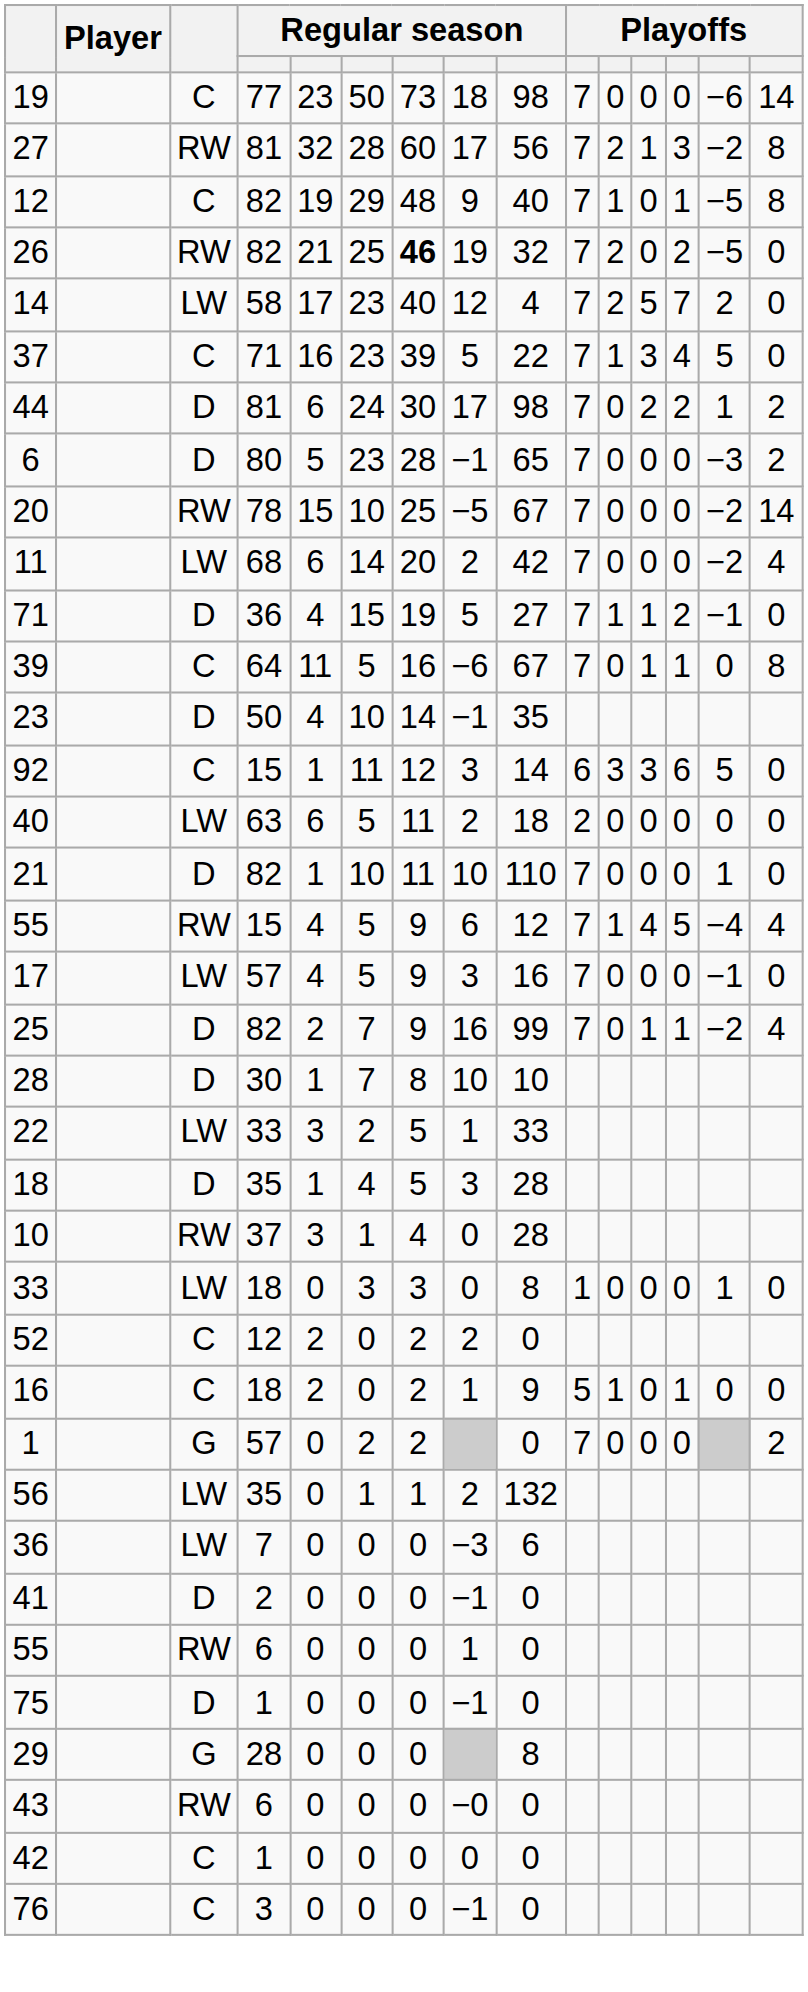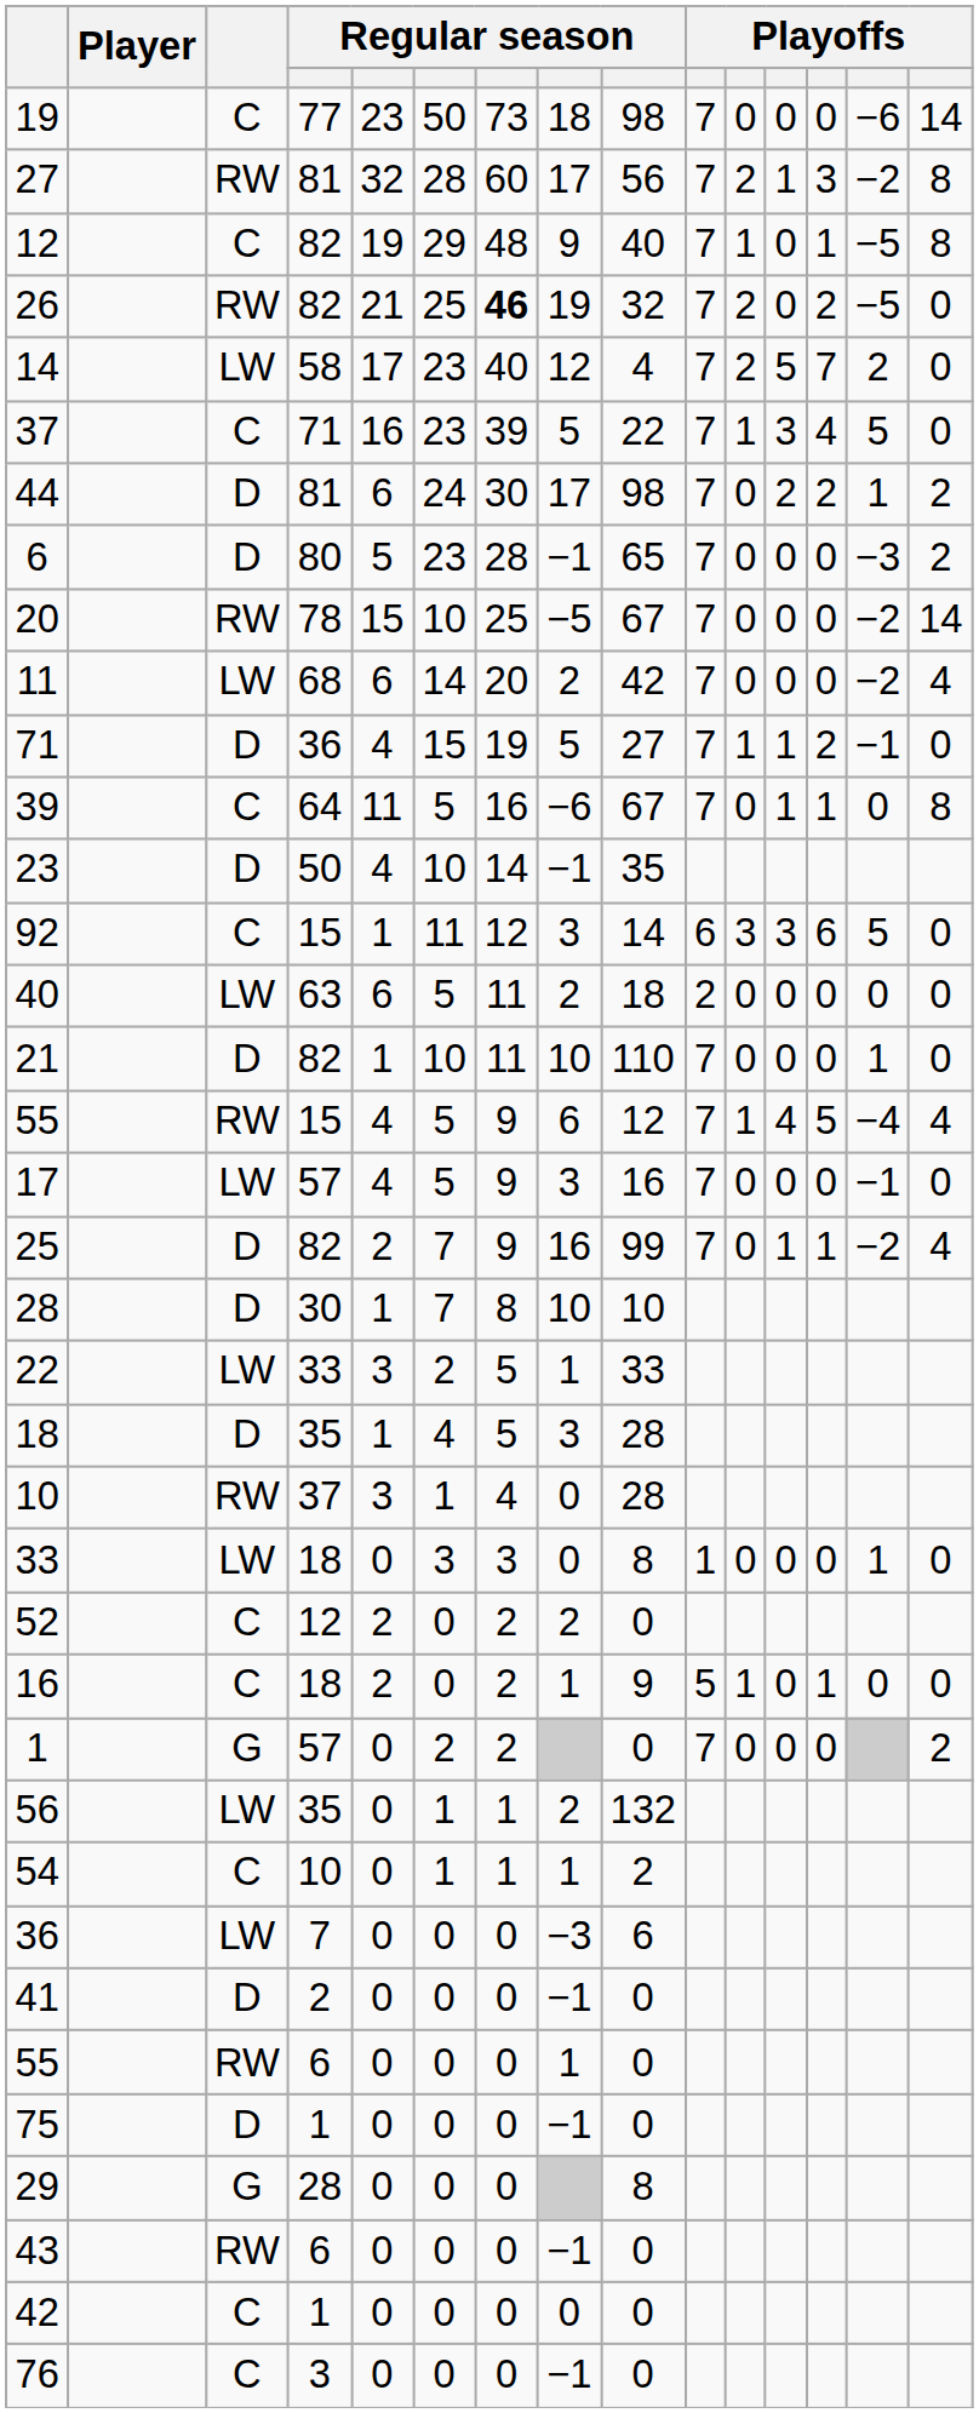 <table class="wikitable sortable plainrowheaders" style="text-align:center;">
 <tr>
 <th scope="col" data-sort-type="number" rowspan="2"></th>
 <th scope="col" rowspan="2">Player</th>
 <th scope="col" rowspan="2"></th>
 <th scope=colgroup colspan=6>Regular season</th>
 <th scope=colgroup colspan=6>Playoffs</th>
 </tr>
 <tr>
 <th scope="col" data-sort-type="number"></th>
 <th scope="col" data-sort-type="number"></th>
 <th scope="col" data-sort-type="number"></th>
 <th scope="col" data-sort-type="number"></th>
 <th scope="col" data-sort-type="number"></th>
 <th scope="col" data-sort-type="number"></th>
 <th scope="col" data-sort-type="number"></th>
 <th scope="col" data-sort-type="number"></th>
 <th scope="col" data-sort-type="number"></th>
 <th scope="col" data-sort-type="number"></th>
 <th scope="col" data-sort-type="number"></th>
 <th scope="col" data-sort-type="number"></th>
 </tr>
 <tr>
 <td scope="row">19</td>
 <td align="left"></td>
 <td>C</td>
 <td>77</td>
 <td>23</td>
 <td>50</td>
 <td>73</td>
 <td>18</td>
 <td>98</td>
 <td>7</td>
 <td>0</td>
 <td>0</td>
 <td>0</td>
 <td>−6</td>
 <td>14</td>
 </tr>
 <tr>
 <td scope="row">27</td>
 <td align="left"></td>
 <td>RW</td>
 <td>81</td>
 <td>32</td>
 <td>28</td>
 <td>60</td>
 <td>17</td>
 <td>56</td>
 <td>7</td>
 <td>2</td>
 <td>1</td>
 <td>3</td>
 <td>−2</td>
 <td>8</td>
 </tr>
 <tr>
 <td scope="row">12</td>
 <td align="left"></td>
 <td>C</td>
 <td>82</td>
 <td>19</td>
 <td>29</td>
 <td>48</td>
 <td>9</td>
 <td>40</td>
 <td>7</td>
 <td>1</td>
 <td>0</td>
 <td>1</td>
 <td>−5</td>
 <td>8</td>
 </tr>
 <tr>
 <td scope="row">26</td>
 <td align="left"></td>
 <td>RW</td>
 <td>82</td>
 <td>21</td>
 <td>25</td>
 <td><strong>46</strong></td>
 <td>19</td>
 <td>32</td>
 <td>7</td>
 <td>2</td>
 <td>0</td>
 <td>2</td>
 <td>−5</td>
 <td>0</td>
 </tr>
 <tr>
 <td scope="row">14</td>
 <td align="left"></td>
 <td>LW</td>
 <td>58</td>
 <td>17</td>
 <td>23</td>
 <td>40</td>
 <td>12</td>
 <td>4</td>
 <td>7</td>
 <td>2</td>
 <td>5</td>
 <td>7</td>
 <td>2</td>
 <td>0</td>
 </tr>
 <tr>
 <td scope="row">37</td>
 <td align="left"></td>
 <td>C</td>
 <td>71</td>
 <td>16</td>
 <td>23</td>
 <td>39</td>
 <td>5</td>
 <td>22</td>
 <td>7</td>
 <td>1</td>
 <td>3</td>
 <td>4</td>
 <td>5</td>
 <td>0</td>
 </tr>
 <tr>
 <td scope="row">44</td>
 <td align="left"></td>
 <td>D</td>
 <td>81</td>
 <td>6</td>
 <td>24</td>
 <td>30</td>
 <td>17</td>
 <td>98</td>
 <td>7</td>
 <td>0</td>
 <td>2</td>
 <td>2</td>
 <td>1</td>
 <td>2</td>
 </tr>
 <tr>
 <td scope="row">6</td>
 <td align="left"></td>
 <td>D</td>
 <td>80</td>
 <td>5</td>
 <td>23</td>
 <td>28</td>
 <td>−1</td>
 <td>65</td>
 <td>7</td>
 <td>0</td>
 <td>0</td>
 <td>0</td>
 <td>−3</td>
 <td>2</td>
 </tr>
 <tr>
 <td scope="row">20</td>
 <td align="left"></td>
 <td>RW</td>
 <td>78</td>
 <td>15</td>
 <td>10</td>
 <td>25</td>
 <td>−5</td>
 <td>67</td>
 <td>7</td>
 <td>0</td>
 <td>0</td>
 <td>0</td>
 <td>−2</td>
 <td>14</td>
 </tr>
 <tr>
 <td scope="row">11</td>
 <td align="left"></td>
 <td>LW</td>
 <td>68</td>
 <td>6</td>
 <td>14</td>
 <td>20</td>
 <td>2</td>
 <td>42</td>
 <td>7</td>
 <td>0</td>
 <td>0</td>
 <td>0</td>
 <td>−2</td>
 <td>4</td>
 </tr>
 <tr>
 <td scope="row">71</td>
 <td align="left"></td>
 <td>D</td>
 <td>36</td>
 <td>4</td>
 <td>15</td>
 <td>19</td>
 <td>5</td>
 <td>27</td>
 <td>7</td>
 <td>1</td>
 <td>1</td>
 <td>2</td>
 <td>−1</td>
 <td>0</td>
 </tr>
 <tr>
 <td scope="row">39</td>
 <td align="left"></td>
 <td>C</td>
 <td>64</td>
 <td>11</td>
 <td>5</td>
 <td>16</td>
 <td>−6</td>
 <td>67</td>
 <td>7</td>
 <td>0</td>
 <td>1</td>
 <td>1</td>
 <td>0</td>
 <td>8</td>
 </tr>
 <tr>
 <td scope="row">23</td>
 <td align="left"></td>
 <td>D</td>
 <td>50</td>
 <td>4</td>
 <td>10</td>
 <td>14</td>
 <td>−1</td>
 <td>35</td>
 <td></td>
 <td></td>
 <td></td>
 <td></td>
 <td></td>
 <td></td>
 </tr>
 <tr>
 <td scope="row">92</td>
 <td align="left"></td>
 <td>C</td>
 <td>15</td>
 <td>1</td>
 <td>11</td>
 <td>12</td>
 <td>3</td>
 <td>14</td>
 <td>6</td>
 <td>3</td>
 <td>3</td>
 <td>6</td>
 <td>5</td>
 <td>0</td>
 </tr>
 <tr>
 <td scope="row">40</td>
 <td align="left"></td>
 <td>LW</td>
 <td>63</td>
 <td>6</td>
 <td>5</td>
 <td>11</td>
 <td>2</td>
 <td>18</td>
 <td>2</td>
 <td>0</td>
 <td>0</td>
 <td>0</td>
 <td>0</td>
 <td>0</td>
 </tr>
 <tr>
 <td scope="row">21</td>
 <td align="left"></td>
 <td>D</td>
 <td>82</td>
 <td>1</td>
 <td>10</td>
 <td>11</td>
 <td>10</td>
 <td>110</td>
 <td>7</td>
 <td>0</td>
 <td>0</td>
 <td>0</td>
 <td>1</td>
 <td>0</td>
 </tr>
 <tr>
 <td scope="row">55</td>
 <td align="left"></td>
 <td>RW</td>
 <td>15</td>
 <td>4</td>
 <td>5</td>
 <td>9</td>
 <td>6</td>
 <td>12</td>
 <td>7</td>
 <td>1</td>
 <td>4</td>
 <td>5</td>
 <td>−4</td>
 <td>4</td>
 </tr>
 <tr>
 <td scope="row">17</td>
 <td align="left"></td>
 <td>LW</td>
 <td>57</td>
 <td>4</td>
 <td>5</td>
 <td>9</td>
 <td>3</td>
 <td>16</td>
 <td>7</td>
 <td>0</td>
 <td>0</td>
 <td>0</td>
 <td>−1</td>
 <td>0</td>
 </tr>
 <tr>
 <td scope="row">25</td>
 <td align="left"></td>
 <td>D</td>
 <td>82</td>
 <td>2</td>
 <td>7</td>
 <td>9</td>
 <td>16</td>
 <td>99</td>
 <td>7</td>
 <td>0</td>
 <td>1</td>
 <td>1</td>
 <td>−2</td>
 <td>4</td>
 </tr>
 <tr>
 <td scope="row">28</td>
 <td align="left"></td>
 <td>D</td>
 <td>30</td>
 <td>1</td>
 <td>7</td>
 <td>8</td>
 <td>10</td>
 <td>10</td>
 <td></td>
 <td></td>
 <td></td>
 <td></td>
 <td></td>
 <td></td>
 </tr>
 <tr>
 <td scope="row">22</td>
 <td align="left"></td>
 <td>LW</td>
 <td>33</td>
 <td>3</td>
 <td>2</td>
 <td>5</td>
 <td>1</td>
 <td>33</td>
 <td></td>
 <td></td>
 <td></td>
 <td></td>
 <td></td>
 <td></td>
 </tr>
 <tr>
 <td scope="row">18</td>
 <td align="left"></td>
 <td>D</td>
 <td>35</td>
 <td>1</td>
 <td>4</td>
 <td>5</td>
 <td>3</td>
 <td>28</td>
 <td></td>
 <td></td>
 <td></td>
 <td></td>
 <td></td>
 <td></td>
 </tr>
 <tr>
 <td scope="row">10</td>
 <td align="left"></td>
 <td>RW</td>
 <td>37</td>
 <td>3</td>
 <td>1</td>
 <td>4</td>
 <td>0</td>
 <td>28</td>
 <td></td>
 <td></td>
 <td></td>
 <td></td>
 <td></td>
 <td></td>
 </tr>
 <tr>
 <td scope="row">33</td>
 <td align="left"></td>
 <td>LW</td>
 <td>18</td>
 <td>0</td>
 <td>3</td>
 <td>3</td>
 <td>0</td>
 <td>8</td>
 <td>1</td>
 <td>0</td>
 <td>0</td>
 <td>0</td>
 <td>1</td>
 <td>0</td>
 </tr>
 <tr>
 <td scope="row">52</td>
 <td align="left"></td>
 <td>C</td>
 <td>12</td>
 <td>2</td>
 <td>0</td>
 <td>2</td>
 <td>2</td>
 <td>0</td>
 <td></td>
 <td></td>
 <td></td>
 <td></td>
 <td></td>
 <td></td>
 </tr>
 <tr>
 <td scope="row">16</td>
 <td align="left"></td>
 <td>C</td>
 <td>18</td>
 <td>2</td>
 <td>0</td>
 <td>2</td>
 <td>1</td>
 <td>9</td>
 <td>5</td>
 <td>1</td>
 <td>0</td>
 <td>1</td>
 <td>0</td>
 <td>0</td>
 </tr>
 <tr>
 <td scope="row">1</td>
 <td align="left"></td>
 <td>G</td>
 <td>57</td>
 <td>0</td>
 <td>2</td>
 <td>2</td>
 <td style="background:#ccc"></td>
 <td>0</td>
 <td>7</td>
 <td>0</td>
 <td>0</td>
 <td>0</td>
 <td style="background:#ccc"></td>
 <td>2</td>
 </tr>
 <tr>
 <td scope="row">56</td>
 <td align="left"></td>
 <td>LW</td>
 <td>35</td>
 <td>0</td>
 <td>1</td>
 <td>1</td>
 <td>2</td>
 <td>132</td>
 <td></td>
 <td></td>
 <td></td>
 <td></td>
 <td></td>
 <td></td>
 </tr>
 <tr>
+<td scope="row">54</td>
+<td align="left"></td>
+<td>C</td>
+<td>10</td>
+<td>0</td>
+<td>1</td>
+<td>1</td>
+<td>1</td>
+<td>2</td>
+<td></td>
+<td></td>
+<td></td>
+<td></td>
+<td></td>
+<td></td>
+</tr>
+<tr>
 <td scope="row">36</td>
 <td align="left"></td>
 <td>LW</td>
 <td>7</td>
 <td>0</td>
 <td>0</td>
 <td>0</td>
 <td>−3</td>
 <td>6</td>
 <td></td>
 <td></td>
 <td></td>
 <td></td>
 <td></td>
 <td></td>
 </tr>
 <tr>
 <td scope="row">41</td>
 <td align="left"></td>
 <td>D</td>
 <td>2</td>
 <td>0</td>
 <td>0</td>
 <td>0</td>
 <td>−1</td>
 <td>0</td>
 <td></td>
 <td></td>
 <td></td>
 <td></td>
 <td></td>
 <td></td>
 </tr>
 <tr>
 <td scope="row">55</td>
 <td align="left"></td>
 <td>RW</td>
 <td>6</td>
 <td>0</td>
 <td>0</td>
 <td>0</td>
 <td>1</td>
 <td>0</td>
 <td></td>
 <td></td>
 <td></td>
 <td></td>
 <td></td>
 <td></td>
 </tr>
 <tr>
 <td scope="row">75</td>
 <td align="left"></td>
 <td>D</td>
 <td>1</td>
 <td>0</td>
 <td>0</td>
 <td>0</td>
 <td>−1</td>
 <td>0</td>
 <td></td>
 <td></td>
 <td></td>
 <td></td>
 <td></td>
 <td></td>
 </tr>
 <tr>
 <td scope="row">29</td>
 <td align="left"></td>
 <td>G</td>
 <td>28</td>
 <td>0</td>
 <td>0</td>
 <td>0</td>
 <td style="background:#ccc"></td>
 <td>8</td>
 <td></td>
 <td></td>
 <td></td>
 <td></td>
 <td></td>
 <td></td>
 </tr>
 <tr>
 <td scope="row">43</td>
 <td align="left"></td>
 <td>RW</td>
 <td>6</td>
 <td>0</td>
 <td>0</td>
 <td>0</td>
-<td>−0</td>
+<td>−1</td>
 <td>0</td>
 <td></td>
 <td></td>
 <td></td>
 <td></td>
 <td></td>
 <td></td>
 </tr>
 <tr>
 <td scope="row">42</td>
 <td align="left"></td>
 <td>C</td>
 <td>1</td>
 <td>0</td>
 <td>0</td>
 <td>0</td>
 <td>0</td>
 <td>0</td>
 <td></td>
 <td></td>
 <td></td>
 <td></td>
 <td></td>
 <td></td>
 </tr>
 <tr>
 <td scope="row">76</td>
 <td align="left"></td>
 <td>C</td>
 <td>3</td>
 <td>0</td>
 <td>0</td>
 <td>0</td>
 <td>−1</td>
 <td>0</td>
 <td></td>
 <td></td>
 <td></td>
 <td></td>
 <td></td>
 <td></td>
 </tr>
 </table>
